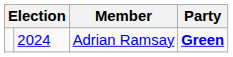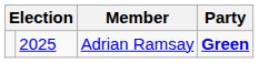 <table class="wikitable">
 <tr>
 <th colspan="2">Election</th>
 <th>Member</th>
 <th>Party</th>
 </tr>
 <tr>
 <td style="color:inherit;background-color: "></td>
-<td><a href='#'>2024</a></td>
+<td><a href='#'>2025</a></td>
 <td><a href='#'>Adrian Ramsay</a></td>
 <td><strong><a href='#'>Green</a></strong></td>
 </tr>
 </table>
